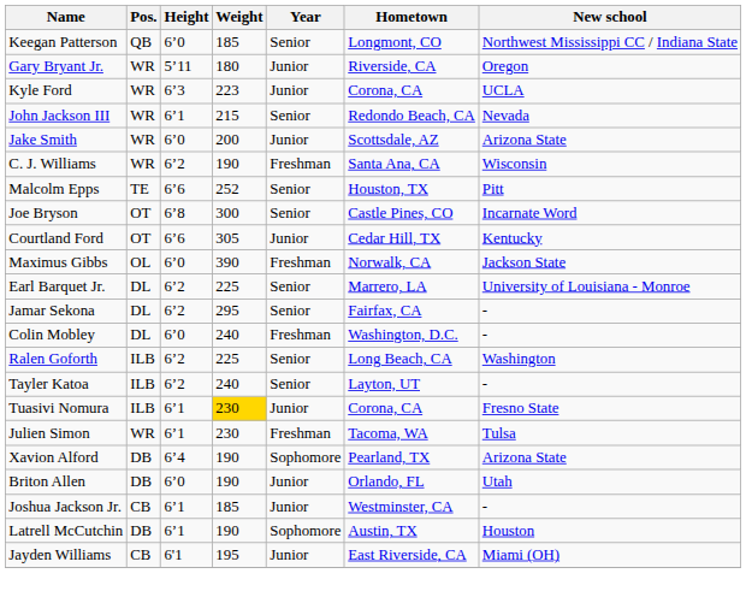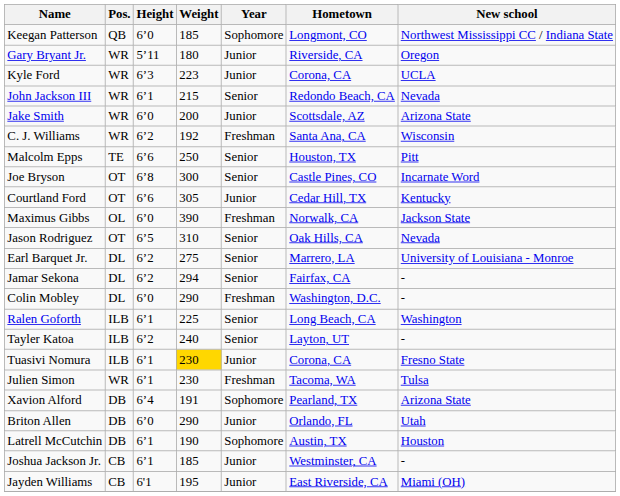 <table class="wikitable sortable">
 <tr>
 <th style="text-align:center; ">Name</th>
 <th style="text-align:center; ">Pos.</th>
 <th style="text-align:center; ">Height</th>
 <th style="text-align:center; ">Weight</th>
 <th style="text-align:center; ">Year</th>
 <th style="text-align:center; ">Hometown</th>
 <th style="text-align:center; ">New school</th>
 </tr>
 <tr>
 <td>Keegan Patterson</td>
 <td>QB</td>
 <td>6’0</td>
 <td>185</td>
-<td> Senior</td>
+<td>Sophomore</td>
 <td><a href='#'>Longmont, CO</a></td>
 <td><a href='#'>Northwest Mississippi CC</a> / <a href='#'>Indiana State</a></td>
 </tr>
 <tr>
 <td><a href='#'>Gary Bryant Jr.</a></td>
 <td>WR</td>
 <td>5’11</td>
 <td>180</td>
 <td>Junior</td>
 <td><a href='#'>Riverside, CA</a></td>
 <td><a href='#'>Oregon</a></td>
 </tr>
 <tr>
 <td>Kyle Ford</td>
 <td>WR</td>
 <td>6’3</td>
 <td>223</td>
 <td> Junior</td>
 <td><a href='#'>Corona, CA</a></td>
 <td><a href='#'>UCLA</a></td>
 </tr>
 <tr>
 <td><a href='#'>John Jackson III</a></td>
 <td>WR</td>
 <td>6’1</td>
 <td>215</td>
 <td>Senior</td>
 <td><a href='#'>Redondo Beach, CA</a></td>
 <td><a href='#'>Nevada</a></td>
 </tr>
 <tr>
 <td><a href='#'>Jake Smith</a></td>
 <td>WR</td>
 <td>6’0</td>
 <td>200</td>
 <td>Junior</td>
 <td><a href='#'>Scottsdale, AZ</a></td>
 <td><a href='#'>Arizona State</a></td>
 </tr>
 <tr>
 <td>C. J. Williams</td>
 <td>WR</td>
 <td>6’2</td>
-<td>190</td>
+<td>192</td>
 <td>Freshman</td>
 <td><a href='#'>Santa Ana, CA</a></td>
 <td><a href='#'>Wisconsin</a></td>
 </tr>
 <tr>
 <td>Malcolm Epps</td>
 <td>TE</td>
 <td>6’6</td>
-<td>252</td>
+<td>250</td>
 <td> Senior</td>
 <td><a href='#'>Houston, TX</a></td>
 <td><a href='#'>Pitt</a></td>
 </tr>
 <tr>
 <td>Joe Bryson</td>
 <td>OT</td>
 <td>6’8</td>
 <td>300</td>
 <td> Senior</td>
 <td><a href='#'>Castle Pines, CO</a></td>
 <td><a href='#'>Incarnate Word</a></td>
 </tr>
 <tr>
 <td>Courtland Ford</td>
 <td>OT</td>
 <td>6’6</td>
 <td>305</td>
 <td> Junior</td>
 <td><a href='#'>Cedar Hill, TX</a></td>
 <td><a href='#'>Kentucky</a></td>
 </tr>
 <tr>
 <td>Maximus Gibbs</td>
 <td>OL</td>
 <td>6’0</td>
 <td>390</td>
 <td>Freshman</td>
 <td><a href='#'>Norwalk, CA</a></td>
 <td><a href='#'>Jackson State</a></td>
 </tr>
 <tr>
+<td>Jason Rodriguez</td>
+<td>OT</td>
+<td>6’5</td>
+<td>310</td>
+<td> Senior</td>
+<td><a href='#'>Oak Hills, CA</a></td>
+<td><a href='#'>Nevada</a></td>
+</tr>
+<tr>
 <td>Earl Barquet Jr.</td>
 <td>DL</td>
 <td>6’2</td>
-<td>225</td>
+<td>275</td>
 <td> Senior</td>
 <td><a href='#'>Marrero, LA</a></td>
 <td><a href='#'>University of Louisiana - Monroe</a></td>
 </tr>
 <tr>
 <td>Jamar Sekona</td>
 <td>DL</td>
 <td>6’2</td>
-<td>295</td>
+<td>294</td>
 <td> Senior</td>
 <td><a href='#'>Fairfax, CA</a></td>
 <td>-</td>
 </tr>
 <tr>
 <td>Colin Mobley</td>
 <td>DL</td>
 <td>6’0</td>
-<td>240</td>
+<td>290</td>
 <td> Freshman</td>
 <td><a href='#'>Washington, D.C.</a></td>
 <td>-</td>
 </tr>
 <tr>
 <td><a href='#'>Ralen Goforth</a></td>
 <td>ILB</td>
-<td>6’2</td>
+<td>6’1</td>
 <td>225</td>
 <td>Senior</td>
 <td><a href='#'>Long Beach, CA</a></td>
 <td><a href='#'>Washington</a></td>
 </tr>
 <tr>
 <td>Tayler Katoa</td>
 <td>ILB</td>
 <td>6’2</td>
 <td>240</td>
 <td> Senior</td>
 <td><a href='#'>Layton, UT</a></td>
 <td>-</td>
 </tr>
 <tr>
 <td>Tuasivi Nomura</td>
 <td>ILB</td>
 <td>6’1</td>
 <td style="background: gold;">230</td>
 <td> Junior</td>
 <td><a href='#'>Corona, CA</a></td>
 <td><a href='#'>Fresno State</a></td>
 </tr>
 <tr>
 <td>Julien Simon</td>
 <td>WR</td>
 <td>6’1</td>
 <td>230</td>
 <td> Freshman</td>
 <td><a href='#'>Tacoma, WA</a></td>
 <td><a href='#'>Tulsa</a></td>
 </tr>
 <tr>
 <td>Xavion Alford</td>
 <td>DB</td>
 <td>6’4</td>
-<td>190</td>
+<td>191</td>
 <td> Sophomore</td>
 <td><a href='#'>Pearland, TX</a></td>
 <td><a href='#'>Arizona State</a></td>
 </tr>
 <tr>
 <td>Briton Allen</td>
 <td>DB</td>
 <td>6’0</td>
-<td>190</td>
+<td>290</td>
 <td> Junior</td>
 <td><a href='#'>Orlando, FL</a></td>
 <td><a href='#'>Utah</a></td>
+</tr>
+<tr>
+<td>Latrell McCutchin</td>
+<td>DB</td>
+<td>6’1</td>
+<td>190</td>
+<td>Sophomore</td>
+<td><a href='#'>Austin, TX</a></td>
+<td><a href='#'>Houston</a></td>
 </tr>
 <tr>
 <td>Joshua Jackson Jr.</td>
 <td>CB</td>
 <td>6’1</td>
 <td>185</td>
 <td> Junior</td>
 <td><a href='#'>Westminster, CA</a></td>
 <td>-</td>
-</tr>
-<tr>
-<td>Latrell McCutchin</td>
-<td>DB</td>
-<td>6’1</td>
-<td>190</td>
-<td>Sophomore</td>
-<td><a href='#'>Austin, TX</a></td>
-<td><a href='#'>Houston</a></td>
 </tr>
 <tr>
 <td>Jayden Williams</td>
 <td>CB</td>
 <td>6'1</td>
 <td>195</td>
 <td>Junior</td>
 <td><a href='#'>East Riverside, CA</a></td>
 <td><a href='#'>Miami (OH)</a></td>
 </tr>
 <tr>
 </tr>
 </table>
